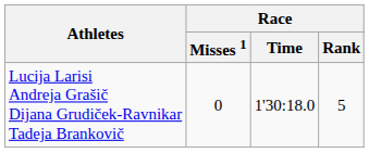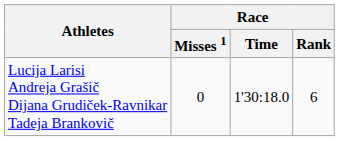 <table class="wikitable" border="1" style="font-size:90%">
 <tr>
 <th rowspan=2>Athletes</th>
 <th colspan=3>Race</th>
 </tr>
 <tr>
 <th>Misses <sup>1</sup></th>
 <th>Time</th>
 <th>Rank</th>
 </tr>
 <tr>
 <td><a href='#'>Lucija Larisi</a><br><a href='#'>Andreja Grašič</a><br><a href='#'>Dijana Grudiček-Ravnikar</a><br><a href='#'>Tadeja Brankovič</a></td>
 <td align=center>0</td>
 <td align=center>1'30:18.0</td>
-<td align=center>5</td>
+<td align=center>6</td>
 </tr>
 </table>
